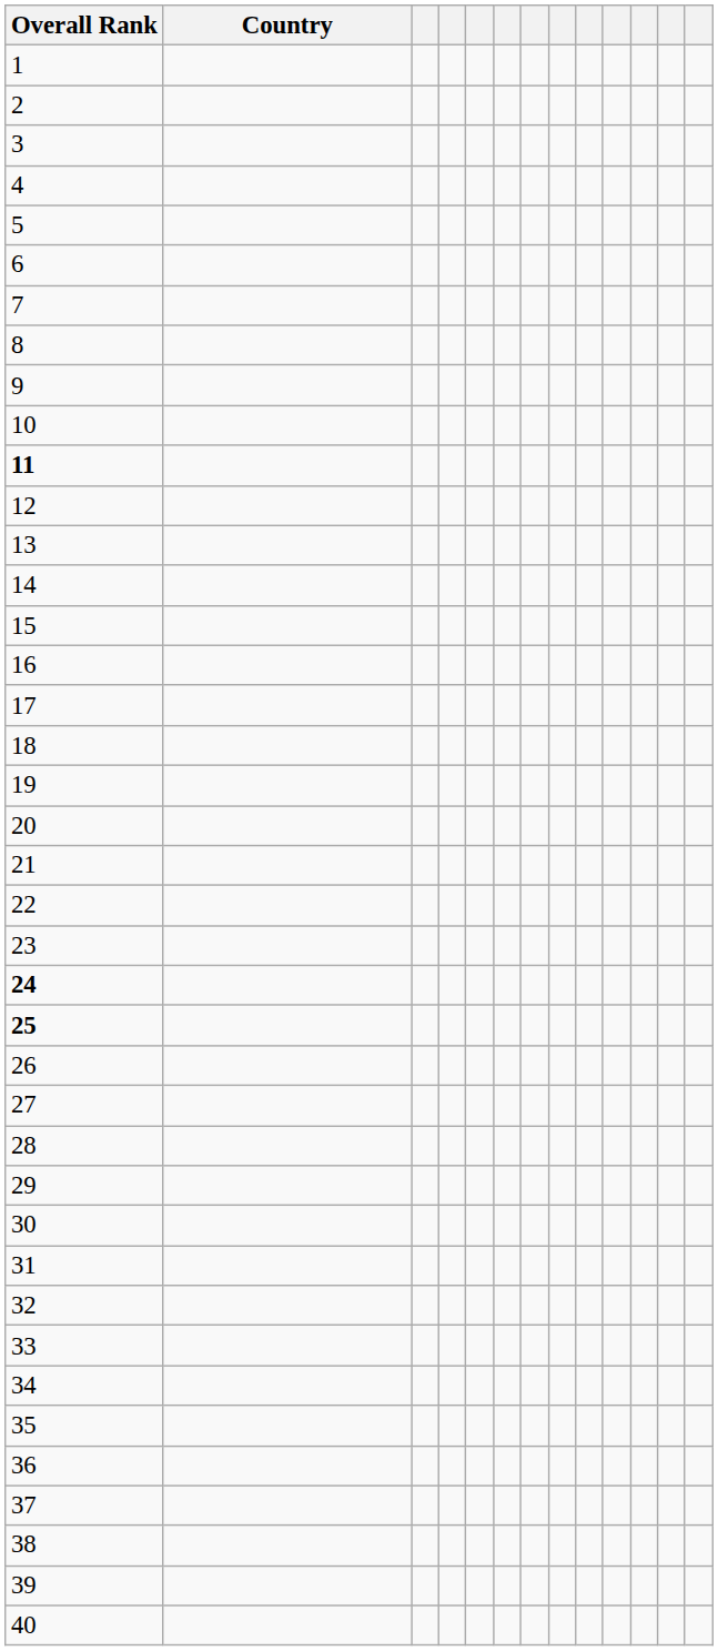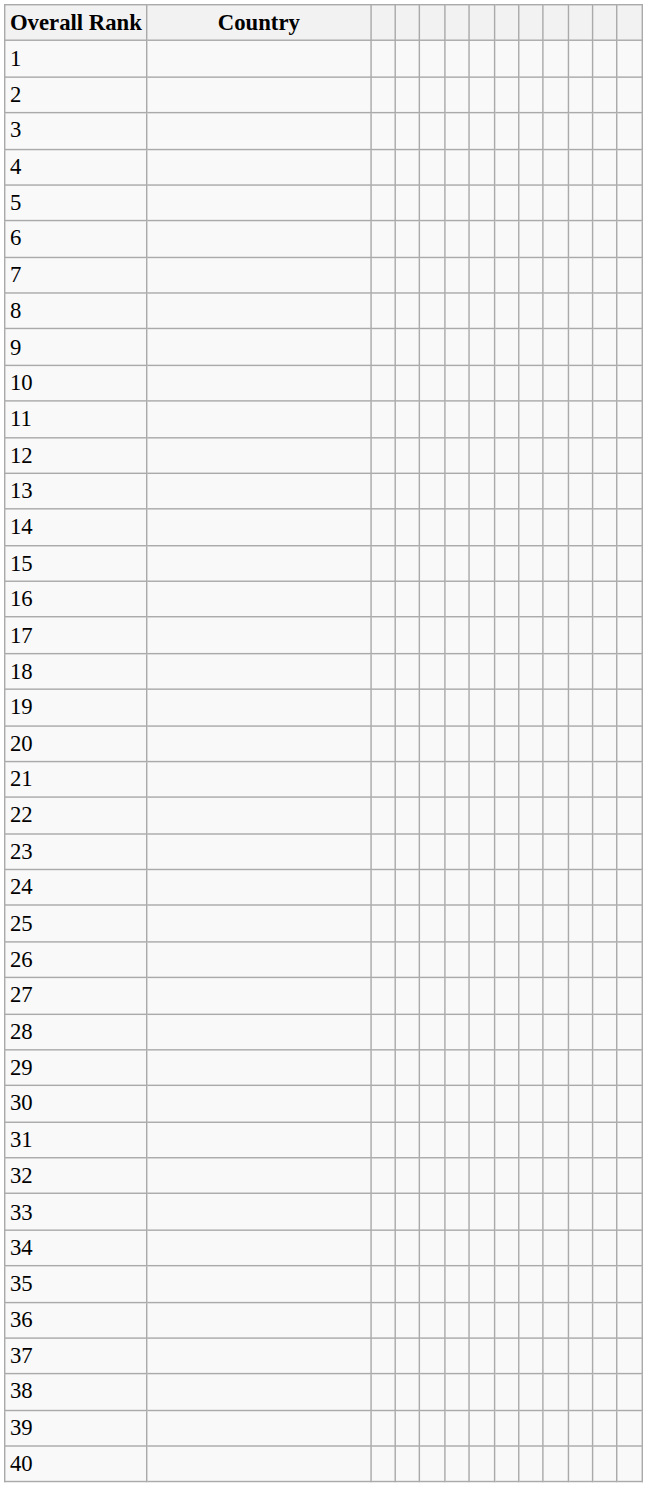 <table class="wikitable sortable">
 <tr valign=top>
 <th>Overall Rank<br></th>
 <th style="width: 150px;">Country</th>
 <th style="width: 10px;"></th>
 <th style="width: 10px;"></th>
 <th style="width: 10px;"></th>
 <th style="width: 10px;"></th>
 <th style="width: 10px;"></th>
 <th style="width: 10px;"></th>
 <th style="width: 10px;"></th>
 <th style="width: 10px;"></th>
 <th style="width: 10px;"></th>
 <th style="width: 10px;"></th>
 <th style="width: 10px;"></th>
 </tr>
 <tr>
 <td>1</td>
 <td></td>
 <td data-sort-value="8.3"></td>
 <td data-sort-value="4.7"></td>
 <td data-sort-value="8.3"></td>
 <td data-sort-value="8.2"></td>
 <td data-sort-value="7.4"></td>
 <td data-sort-value="9.6"></td>
 <td data-sort-value="6.4"></td>
 <td data-sort-value="8.7"></td>
 <td data-sort-value="9.9"></td>
 <td data-sort-value="10"></td>
 <td data-sort-value="8.5"></td>
 </tr>
 <tr>
 <td>2</td>
 <td></td>
 <td data-sort-value="7.9"></td>
 <td data-sort-value="5.7"></td>
 <td data-sort-value="8"></td>
 <td data-sort-value="8.4"></td>
 <td data-sort-value="8.6"></td>
 <td data-sort-value="8.9"></td>
 <td data-sort-value="8.9"></td>
 <td data-sort-value="9.4"></td>
 <td data-sort-value="8.8"></td>
 <td data-sort-value="7.4"></td>
 <td data-sort-value="5.6"></td>
 </tr>
 <tr>
 <td>3</td>
 <td></td>
 <td data-sort-value="5.2"></td>
 <td data-sort-value="5.9"></td>
 <td data-sort-value="9.9"></td>
 <td data-sort-value="10"></td>
 <td data-sort-value="6.9"></td>
 <td data-sort-value="10"></td>
 <td data-sort-value="6.4"></td>
 <td data-sort-value="8.6"></td>
 <td data-sort-value="9.5"></td>
 <td data-sort-value="9.6"></td>
 <td data-sort-value="5.1"></td>
 </tr>
 <tr>
 <td>4</td>
 <td></td>
 <td data-sort-value="7.8"></td>
 <td data-sort-value="5.4"></td>
 <td data-sort-value="8"></td>
 <td data-sort-value="7.6"></td>
 <td data-sort-value="7.9"></td>
 <td data-sort-value="8.3"></td>
 <td data-sort-value="6.8"></td>
 <td data-sort-value="9.6"></td>
 <td data-sort-value="9.1"></td>
 <td data-sort-value="9.1"></td>
 <td data-sort-value="7.3"></td>
 </tr>
 <tr>
 <td>5</td>
 <td></td>
 <td data-sort-value="6.2"></td>
 <td data-sort-value="3"></td>
 <td data-sort-value="8.3"></td>
 <td data-sort-value="8.8"></td>
 <td data-sort-value="7.9"></td>
 <td data-sort-value="8.3"></td>
 <td data-sort-value="7"></td>
 <td data-sort-value="7.9"></td>
 <td data-sort-value="9.7"></td>
 <td data-sort-value="9.3"></td>
 <td data-sort-value="9"></td>
 </tr>
 <tr>
 <td>6</td>
 <td></td>
 <td data-sort-value="6.5"></td>
 <td data-sort-value="6.9"></td>
 <td data-sort-value="9.3"></td>
 <td data-sort-value="7.8"></td>
 <td data-sort-value="7.4"></td>
 <td data-sort-value="7.3"></td>
 <td data-sort-value="3.4"></td>
 <td data-sort-value="9"></td>
 <td data-sort-value="9.6"></td>
 <td data-sort-value="9.5"></td>
 <td data-sort-value="8.4"></td>
 </tr>
 <tr>
 <td>7</td>
 <td></td>
 <td data-sort-value="6.2"></td>
 <td data-sort-value="3.7"></td>
 <td data-sort-value="7.5"></td>
 <td data-sort-value="8.6"></td>
 <td data-sort-value="8.9"></td>
 <td data-sort-value="8.9"></td>
 <td data-sort-value="5.2"></td>
 <td data-sort-value="7.9"></td>
 <td data-sort-value="10"></td>
 <td data-sort-value="9.3"></td>
 <td data-sort-value="8"></td>
 </tr>
 <tr>
 <td>8</td>
 <td></td>
 <td data-sort-value="7.3"></td>
 <td data-sort-value="3.3"></td>
 <td data-sort-value="8.3"></td>
 <td data-sort-value="6.5"></td>
 <td data-sort-value="7.4"></td>
 <td data-sort-value="7.2"></td>
 <td data-sort-value="7.8"></td>
 <td data-sort-value="8.4"></td>
 <td data-sort-value="9.3"></td>
 <td data-sort-value="9.2"></td>
 <td data-sort-value="9.5"></td>
 </tr>
 <tr>
 <td>9</td>
 <td></td>
 <td data-sort-value="6.9"></td>
 <td data-sort-value="4.6"></td>
 <td data-sort-value="8.1"></td>
 <td data-sort-value="6.7"></td>
 <td data-sort-value="7.7"></td>
 <td data-sort-value="9.1"></td>
 <td data-sort-value="6.8"></td>
 <td data-sort-value="8.5"></td>
 <td data-sort-value="8.9"></td>
 <td data-sort-value="8.5"></td>
 <td data-sort-value="8.4"></td>
 </tr>
 <tr>
 <td>10</td>
 <td></td>
 <td data-sort-value="8.5"></td>
 <td data-sort-value="9"></td>
 <td data-sort-value="8.4"></td>
 <td data-sort-value="6.3"></td>
 <td data-sort-value="7"></td>
 <td data-sort-value="6.8"></td>
 <td data-sort-value="7"></td>
 <td data-sort-value="8.9"></td>
 <td data-sort-value="7.4"></td>
 <td data-sort-value="7.5"></td>
 <td data-sort-value="6"></td>
 </tr>
 <tr>
-<td><strong>11</strong></td>
+<td>11</td>
 <td></td>
 <td data-sort-value="6.7"></td>
 <td data-sort-value="9.1"></td>
 <td data-sort-value="8.4"></td>
 <td data-sort-value="7.4"></td>
 <td data-sort-value="5"></td>
 <td data-sort-value="6.4"></td>
 <td data-sort-value="6.9"></td>
 <td data-sort-value="8"></td>
 <td data-sort-value="7.5"></td>
 <td data-sort-value="8.6"></td>
 <td data-sort-value="8"></td>
 </tr>
 <tr>
 <td>12</td>
 <td></td>
 <td data-sort-value="6.2"></td>
 <td data-sort-value="4.3"></td>
 <td data-sort-value="8"></td>
 <td data-sort-value="8.9"></td>
 <td data-sort-value="6.9"></td>
 <td data-sort-value="8.5"></td>
 <td data-sort-value="7.3"></td>
 <td data-sort-value="9.5"></td>
 <td data-sort-value="8.9"></td>
 <td data-sort-value="7.6"></td>
 <td data-sort-value="5.9"></td>
 </tr>
 <tr>
 <td>13</td>
 <td></td>
 <td data-sort-value="7.4"></td>
 <td data-sort-value="5"></td>
 <td data-sort-value="7.3"></td>
 <td data-sort-value="6.5"></td>
 <td data-sort-value="7.5"></td>
 <td data-sort-value="5.9"></td>
 <td data-sort-value="7.4"></td>
 <td data-sort-value="8.2"></td>
 <td data-sort-value="7.6"></td>
 <td data-sort-value="8"></td>
 <td data-sort-value="8.4"></td>
 </tr>
 <tr>
 <td>14</td>
 <td></td>
 <td data-sort-value="5.5"></td>
 <td data-sort-value="6"></td>
 <td data-sort-value="8"></td>
 <td data-sort-value="8.1"></td>
 <td data-sort-value="6.8"></td>
 <td data-sort-value="6.7"></td>
 <td data-sort-value="7.2"></td>
 <td data-sort-value="7.7"></td>
 <td data-sort-value="7.2"></td>
 <td data-sort-value="8.9"></td>
 <td data-sort-value="6.4"></td>
 </tr>
 <tr>
 <td>15</td>
 <td></td>
 <td data-sort-value="6.8"></td>
 <td data-sort-value="4.7"></td>
 <td data-sort-value="8.2"></td>
 <td data-sort-value="6.2"></td>
 <td data-sort-value="7.6"></td>
 <td data-sort-value="7"></td>
 <td data-sort-value="5.3"></td>
 <td data-sort-value="7.4"></td>
 <td data-sort-value="7.8"></td>
 <td data-sort-value="8.3"></td>
 <td data-sort-value="8.4"></td>
 </tr>
 <tr>
 <td>16</td>
 <td></td>
 <td data-sort-value="7.3"></td>
 <td data-sort-value="3.1"></td>
 <td data-sort-value="7.2"></td>
 <td data-sort-value="8.6"></td>
 <td data-sort-value="7.4"></td>
 <td data-sort-value="7.6"></td>
 <td data-sort-value="3.1"></td>
 <td data-sort-value="9.1"></td>
 <td data-sort-value="7.7"></td>
 <td data-sort-value="8.6"></td>
 <td data-sort-value="7.9"></td>
 </tr>
 <tr>
 <td>17</td>
 <td></td>
 <td data-sort-value="6.2"></td>
 <td data-sort-value="5"></td>
 <td data-sort-value="8.1"></td>
 <td data-sort-value="6.9"></td>
 <td data-sort-value="6.6"></td>
 <td data-sort-value="6.6"></td>
 <td data-sort-value="4.8"></td>
 <td data-sort-value="7.9"></td>
 <td data-sort-value="8.3"></td>
 <td data-sort-value="9.1"></td>
 <td data-sort-value="6.8"></td>
 </tr>
 <tr>
 <td>18</td>
 <td></td>
 <td data-sort-value="6.6"></td>
 <td data-sort-value="4.4"></td>
 <td data-sort-value="6.8"></td>
 <td data-sort-value="6.2"></td>
 <td data-sort-value="6.1"></td>
 <td data-sort-value="5.9"></td>
 <td data-sort-value="5.8"></td>
 <td data-sort-value="7.7"></td>
 <td data-sort-value="6.1"></td>
 <td data-sort-value="8.2"></td>
 <td data-sort-value="8.7"></td>
 </tr>
 <tr>
 <td>19</td>
 <td></td>
 <td data-sort-value="6.7"></td>
 <td data-sort-value="4"></td>
 <td data-sort-value="4.7"></td>
 <td data-sort-value="7.7"></td>
 <td data-sort-value="5.5"></td>
 <td data-sort-value="5.3"></td>
 <td data-sort-value="4.7"></td>
 <td data-sort-value="8.4"></td>
 <td data-sort-value="5.5"></td>
 <td data-sort-value="9.2"></td>
 <td data-sort-value="8.8"></td>
 </tr>
 <tr>
 <td>20</td>
 <td></td>
 <td data-sort-value="6.8"></td>
 <td data-sort-value="2.3"></td>
 <td data-sort-value="6.8"></td>
 <td data-sort-value="6.8"></td>
 <td data-sort-value="7.9"></td>
 <td data-sort-value="6.4"></td>
 <td data-sort-value="4.2"></td>
 <td data-sort-value="7.3"></td>
 <td data-sort-value="4.2"></td>
 <td data-sort-value="9.6"></td>
 <td data-sort-value="7.4"></td>
 </tr>
 <tr>
 <td>21</td>
 <td></td>
 <td data-sort-value="6.8"></td>
 <td data-sort-value="1.8"></td>
 <td data-sort-value="6.9"></td>
 <td data-sort-value="6.8"></td>
 <td data-sort-value="7.9"></td>
 <td data-sort-value="7.4"></td>
 <td data-sort-value="6"></td>
 <td data-sort-value="5.6"></td>
 <td data-sort-value="3.5"></td>
 <td data-sort-value="7.5"></td>
 <td data-sort-value="7.9"></td>
 </tr>
 <tr>
 <td>22</td>
 <td></td>
 <td data-sort-value="5"></td>
 <td data-sort-value="2.1"></td>
 <td data-sort-value="7.1"></td>
 <td data-sort-value="6.3"></td>
 <td data-sort-value="7.5"></td>
 <td data-sort-value="5.3"></td>
 <td data-sort-value="3.4"></td>
 <td data-sort-value="6.5"></td>
 <td data-sort-value="6.8"></td>
 <td data-sort-value="8.3"></td>
 <td data-sort-value="7.6"></td>
 </tr>
 <tr>
 <td>23</td>
 <td></td>
 <td data-sort-value="5"></td>
 <td data-sort-value="3.2"></td>
 <td data-sort-value="7.3"></td>
 <td data-sort-value="4.8"></td>
 <td data-sort-value="5.6"></td>
 <td data-sort-value="2.7"></td>
 <td data-sort-value="6.5"></td>
 <td data-sort-value="9.3"></td>
 <td data-sort-value="8.5"></td>
 <td data-sort-value="7.8"></td>
 <td data-sort-value="4.6"></td>
 </tr>
 <tr>
-<td><strong>24</strong></td>
+<td>24</td>
 <td></td>
 <td data-sort-value="5.1"></td>
 <td data-sort-value="3.7"></td>
 <td data-sort-value="5.2"></td>
 <td data-sort-value="6.8"></td>
 <td data-sort-value="4.8"></td>
 <td data-sort-value="3.8"></td>
 <td data-sort-value="6.6"></td>
 <td data-sort-value="8.3"></td>
 <td data-sort-value="4.4"></td>
 <td data-sort-value="7"></td>
 <td data-sort-value="9.4"></td>
 </tr>
 <tr>
-<td><strong>25</strong></td>
+<td>25</td>
 <td></td>
 <td data-sort-value="6"></td>
 <td data-sort-value="4.4"></td>
 <td data-sort-value="8.1"></td>
 <td data-sort-value="5.7"></td>
 <td data-sort-value="7.8"></td>
 <td data-sort-value="6.5"></td>
 <td data-sort-value="1.9"></td>
 <td data-sort-value="5.3"></td>
 <td data-sort-value="4.1"></td>
 <td data-sort-value="8.4"></td>
 <td data-sort-value="4.6"></td>
 </tr>
 <tr>
 <td>26</td>
 <td></td>
 <td data-sort-value="4.5"></td>
 <td data-sort-value="1.6"></td>
 <td data-sort-value="5.6"></td>
 <td data-sort-value="6.4"></td>
 <td data-sort-value="5.7"></td>
 <td data-sort-value="4.9"></td>
 <td data-sort-value="6.1"></td>
 <td data-sort-value="6.7"></td>
 <td data-sort-value="5"></td>
 <td data-sort-value="7.4"></td>
 <td data-sort-value="7.9"></td>
 </tr>
 <tr>
 <td>27</td>
 <td></td>
 <td data-sort-value="4.6"></td>
 <td data-sort-value="2.2"></td>
 <td data-sort-value="6.5"></td>
 <td data-sort-value="4"></td>
 <td data-sort-value="7.6"></td>
 <td data-sort-value="4.2"></td>
 <td data-sort-value="4.9"></td>
 <td data-sort-value="6.2"></td>
 <td data-sort-value="4.8"></td>
 <td data-sort-value="7.8"></td>
 <td data-sort-value="6.8"></td>
 </tr>
 <tr>
 <td>28</td>
 <td></td>
 <td data-sort-value="5.3"></td>
 <td data-sort-value="1.8"></td>
 <td data-sort-value="6.5"></td>
 <td data-sort-value="4.8"></td>
 <td data-sort-value="7.3"></td>
 <td data-sort-value="5.8"></td>
 <td data-sort-value="3.8"></td>
 <td data-sort-value="4.2"></td>
 <td data-sort-value="4.2"></td>
 <td data-sort-value="6.3"></td>
 <td data-sort-value="8.6"></td>
 </tr>
 <tr>
 <td>29</td>
 <td></td>
 <td data-sort-value="6.3"></td>
 <td data-sort-value="2.6"></td>
 <td data-sort-value="5.8"></td>
 <td data-sort-value="4.9"></td>
 <td data-sort-value="4.6"></td>
 <td data-sort-value="7.2"></td>
 <td data-sort-value="2.5"></td>
 <td data-sort-value="5.8"></td>
 <td data-sort-value="2.4"></td>
 <td data-sort-value="8.3"></td>
 <td data-sort-value="7"></td>
 </tr>
 <tr>
 <td>30</td>
 <td></td>
 <td data-sort-value="6.6"></td>
 <td data-sort-value="3.1"></td>
 <td data-sort-value="7.4"></td>
 <td data-sort-value="0"></td>
 <td data-sort-value="7.6"></td>
 <td data-sort-value="2.4"></td>
 <td data-sort-value="7.8"></td>
 <td data-sort-value="4.7"></td>
 <td data-sort-value="4"></td>
 <td data-sort-value="7.7"></td>
 <td data-sort-value="4.1"></td>
 </tr>
 <tr>
 <td>31</td>
 <td></td>
 <td data-sort-value="5.6"></td>
 <td data-sort-value="1.3"></td>
 <td data-sort-value="6.4"></td>
 <td data-sort-value="4"></td>
 <td data-sort-value="5.9"></td>
 <td data-sort-value="4.3"></td>
 <td data-sort-value="3.4"></td>
 <td data-sort-value="5.9"></td>
 <td data-sort-value="3.1"></td>
 <td data-sort-value="6.7"></td>
 <td data-sort-value="8"></td>
 </tr>
 <tr>
 <td>32</td>
 <td></td>
 <td data-sort-value="3.7"></td>
 <td data-sort-value="0.7"></td>
 <td data-sort-value="6"></td>
 <td data-sort-value="4"></td>
 <td data-sort-value="7.1"></td>
 <td data-sort-value="6.3"></td>
 <td data-sort-value="4.3"></td>
 <td data-sort-value="4.5"></td>
 <td data-sort-value="4.2"></td>
 <td data-sort-value="6.6"></td>
 <td data-sort-value="6.9"></td>
 </tr>
 <tr>
 <td>33</td>
 <td></td>
 <td data-sort-value="4.5"></td>
 <td data-sort-value="1.2"></td>
 <td data-sort-value="6.6"></td>
 <td data-sort-value="5.7"></td>
 <td data-sort-value="6.8"></td>
 <td data-sort-value="2.5"></td>
 <td data-sort-value="2.3"></td>
 <td data-sort-value="3.6"></td>
 <td data-sort-value="3.7"></td>
 <td data-sort-value="4.8"></td>
 <td data-sort-value="8.3"></td>
 </tr>
 <tr>
 <td>34</td>
 <td></td>
 <td data-sort-value="5.4"></td>
 <td data-sort-value="1"></td>
 <td data-sort-value="5.9"></td>
 <td data-sort-value="3.3"></td>
 <td data-sort-value="4.5"></td>
 <td data-sort-value="4.2"></td>
 <td data-sort-value="1"></td>
 <td data-sort-value="6.4"></td>
 <td data-sort-value="6"></td>
 <td data-sort-value="5.4"></td>
 <td data-sort-value="5"></td>
 </tr>
 <tr>
 <td>35</td>
 <td></td>
 <td data-sort-value="4.5"></td>
 <td data-sort-value="0.3"></td>
 <td data-sort-value="4.1"></td>
 <td data-sort-value="6.2"></td>
 <td data-sort-value="1.8"></td>
 <td data-sort-value="5.5"></td>
 <td data-sort-value="6.6"></td>
 <td data-sort-value="6.6"></td>
 <td data-sort-value="5.8"></td>
 <td data-sort-value="0"></td>
 <td data-sort-value="6.6"></td>
 </tr>
 <tr>
 <td>36</td>
 <td></td>
 <td data-sort-value="4.8"></td>
 <td data-sort-value="1.5"></td>
 <td data-sort-value="1.8"></td>
 <td data-sort-value="0.7"></td>
 <td data-sort-value="6.1"></td>
 <td data-sort-value="3.7"></td>
 <td data-sort-value="4.1"></td>
 <td data-sort-value="8.2"></td>
 <td data-sort-value="2.2"></td>
 <td data-sort-value="7.1"></td>
 <td data-sort-value="7.1"></td>
 </tr>
 <tr>
 <td>37</td>
 <td></td>
 <td data-sort-value="4.7"></td>
 <td data-sort-value="1.6"></td>
 <td data-sort-value="5"></td>
 <td data-sort-value="3.8"></td>
 <td data-sort-value="3"></td>
 <td data-sort-value="2.7"></td>
 <td data-sort-value="5.9"></td>
 <td data-sort-value="7.2"></td>
 <td data-sort-value="2.6"></td>
 <td data-sort-value="7"></td>
 <td data-sort-value="3.1"></td>
 </tr>
 <tr>
 <td>38</td>
 <td></td>
 <td data-sort-value="4.7"></td>
 <td data-sort-value="0.4"></td>
 <td data-sort-value="5.5"></td>
 <td data-sort-value="5.5"></td>
 <td data-sort-value="1.4"></td>
 <td data-sort-value="5.9"></td>
 <td data-sort-value="2"></td>
 <td data-sort-value="7.8"></td>
 <td data-sort-value="5.3"></td>
 <td data-sort-value="1.2"></td>
 <td data-sort-value="0.9"></td>
 </tr>
 <tr>
 <td>39</td>
 <td></td>
 <td data-sort-value="3.1"></td>
 <td data-sort-value="0.6"></td>
 <td data-sort-value="5.9"></td>
 <td data-sort-value="1.4"></td>
 <td data-sort-value="1.1"></td>
 <td data-sort-value="4"></td>
 <td data-sort-value="6.9"></td>
 <td data-sort-value="6.3"></td>
 <td data-sort-value="6.1"></td>
 <td data-sort-value="2.2"></td>
 <td data-sort-value="1.1"></td>
 </tr>
 <tr>
 <td>40</td>
 <td></td>
 <td data-sort-value="2.5"></td>
 <td data-sort-value="0.3"></td>
 <td data-sort-value="0"></td>
 <td data-sort-value="4.9"></td>
 <td data-sort-value="2.6"></td>
 <td data-sort-value="2.6"></td>
 <td data-sort-value="4.7"></td>
 <td data-sort-value="3.1"></td>
 <td data-sort-value="0"></td>
 <td data-sort-value="2.5"></td>
 <td data-sort-value="5.5"></td>
 </tr>
 </table>
